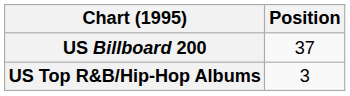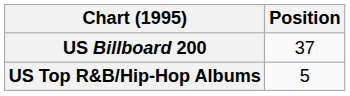 <table class="wikitable sortable plainrowheaders" style="text-align:center">
 <tr>
 <th scope="col">Chart (1995)</th>
 <th scope="col">Position</th>
 </tr>
 <tr>
 <th scope="row">US <em>Billboard</em> 200</th>
 <td>37</td>
 </tr>
 <tr>
 <th scope="row">US Top R&B/Hip-Hop Albums</th>
-<td>3</td>
+<td>5</td>
 </tr>
 </table>
